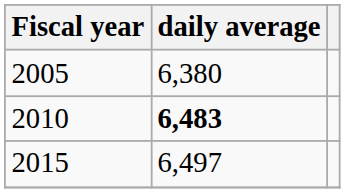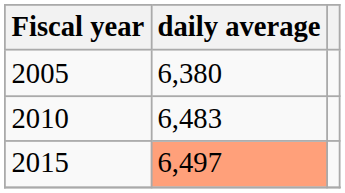 <table class="wikitable">
 <tr>
 <th>Fiscal year</th>
 <th>daily average</th>
 <th></th>
 </tr>
 <tr>
 <td>2005</td>
 <td>6,380</td>
 <td></td>
 </tr>
 <tr>
 <td>2010</td>
-<td><strong>6,483</strong></td>
+<td>6,483</td>
 <td></td>
 </tr>
 <tr>
 <td>2015</td>
-<td>6,497</td>
+<td style="background: lightsalmon;">6,497</td>
 <td></td>
 </tr>
 <tr>
 </tr>
 </table>
